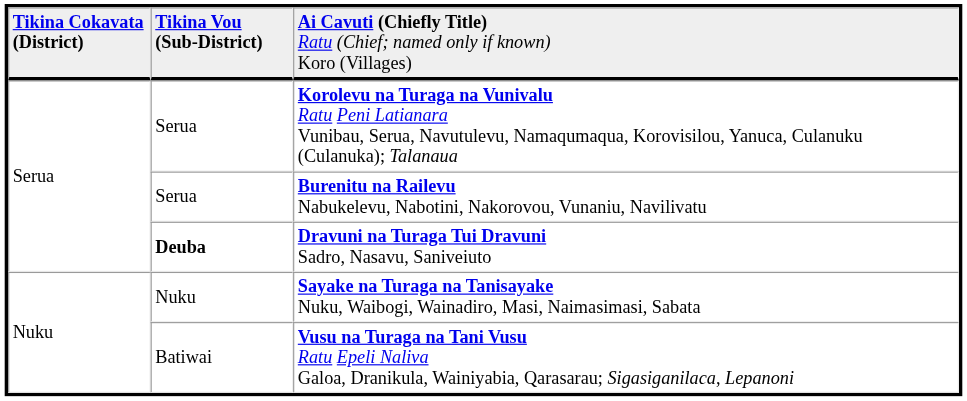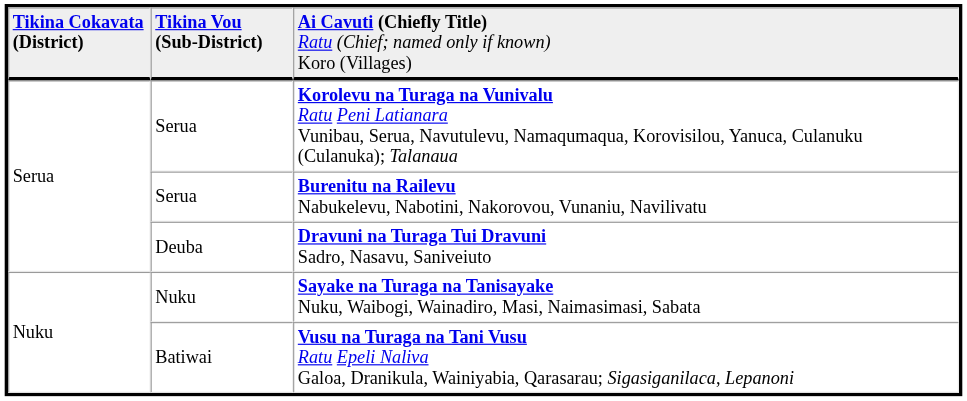 <table table width="95%" border="1" align="center" cellpadding=3 cellspacing=0 style="margin:5px; border:3px solid;">
 <tr>
 <td valign="top" td width="15%" style="border-bottom:3px solid; background:#efefef;"><strong><a href='#'>Tikina Cokavata</a><br>(District)</strong></td>
 <td valign="top" td width="15%" style="border-bottom:3px solid; background:#efefef;"><strong><a href='#'>Tikina Vou</a><br>(Sub-District)</strong></td>
 <td valign="top" td width="70%" style="border-bottom:3px solid; background:#efefef;"><strong><a href='#'>Ai Cavuti</a> (Chiefly Title)</strong><br><em><a href='#'>Ratu</a> (Chief; named only if known)</em><br>Koro (Villages)</td>
 </tr>
 <tr>
 <td rowspan=3>Serua</td>
 <td>Serua</td>
 <td><strong><a href='#'>Korolevu na Turaga na Vunivalu</a></strong><br><em><a href='#'>Ratu</a> <a href='#'>Peni Latianara</a></em><br>Vunibau, Serua, Navutulevu, Namaqumaqua, Korovisilou, Yanuca, Culanuku (Culanuka); <em>Talanaua</em></td>
 </tr>
 <tr>
 <td>Serua</td>
 <td><strong><a href='#'>Burenitu na Railevu</a></strong><br>Nabukelevu, Nabotini, Nakorovou, Vunaniu, Navilivatu</td>
 </tr>
 <tr>
-<td><strong>Deuba</strong></td>
+<td>Deuba</td>
 <td><strong><a href='#'>Dravuni na Turaga Tui Dravuni</a></strong><br>Sadro, Nasavu, Saniveiuto</td>
 </tr>
 <tr>
 <td rowspan=2>Nuku</td>
 <td>Nuku</td>
 <td><strong><a href='#'>Sayake na Turaga na Tanisayake</a></strong><br>Nuku, Waibogi, Wainadiro, Masi, Naimasimasi, Sabata</td>
 </tr>
 <tr>
 <td>Batiwai</td>
 <td><strong><a href='#'>Vusu na Turaga na Tani Vusu</a></strong><br><em><a href='#'>Ratu</a> <a href='#'>Epeli Naliva</a></em><br>Galoa, Dranikula, Wainiyabia, Qarasarau; <em>Sigasiganilaca</em>, <em>Lepanoni</em></td>
 </tr>
 </table>
